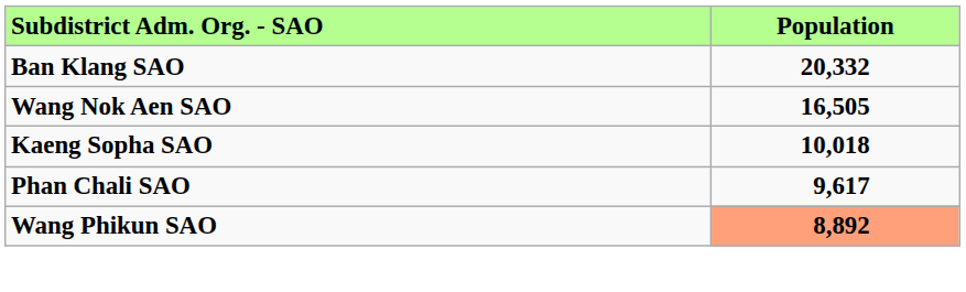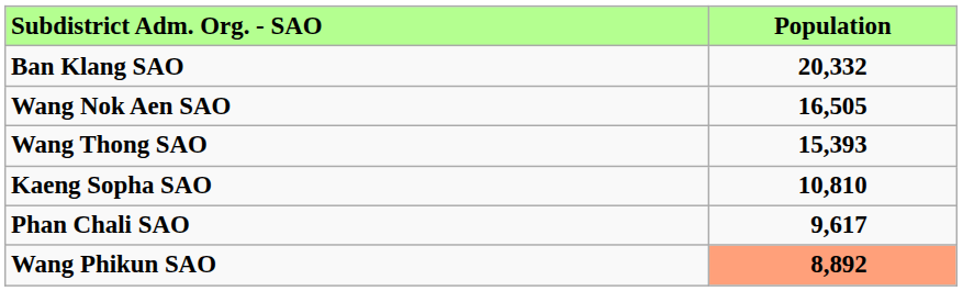 <table class="wikitable" style="width:48%; display:inline-table;">
 <tr>
 <th scope="col" style= "width:74%; background: #b4ff90; text-align:left;"><strong>Subdistrict Adm. Org. - SAO</strong></th>
 <th scope="col" style= "width:26%; background: #b4ff90; text-align:center;"><strong>Population</strong></th>
 </tr>
 <tr>
 <td><strong>Ban Klang SAO</strong></td>
 <td style="text-align:center;"><strong>20,332</strong></td>
 </tr>
 <tr>
 <td><strong>Wang Nok Aen SAO</strong></td>
 <td style="text-align:center;"><strong>16,505</strong></td>
 </tr>
 <tr>
+<td><strong>Wang Thong SAO</strong></td>
+<td style="text-align:center;"><strong>15,393</strong></td>
+</tr>
+<tr>
 <td><strong>Kaeng Sopha SAO</strong></td>
-<td style="text-align:center;"><strong>10,018</strong></td>
+<td style="text-align:center;"><strong>10,810</strong></td>
 </tr>
 <tr>
 <td><strong>Phan Chali SAO</strong></td>
 <td style="text-align:center;">  <strong>9,617</strong></td>
 </tr>
 <tr>
 <td><strong>Wang Phikun SAO</strong></td>
 <td style="background: lightsalmon; text-align:center;">  <strong>8,892</strong></td>
 </tr>
 </table>
